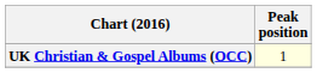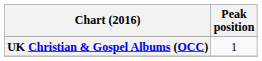 <table class="wikitable sortable plainrowheaders" style="text-align:center">
 <tr>
 <th scope="col">Chart (2016)</th>
 <th scope="col">Peak<br>position</th>
 </tr>
 <tr>
 </tr>
 <tr>
 </tr>
 <tr>
 </tr>
 <tr>
 </tr>
 <tr>
 </tr>
 <tr>
 </tr>
 <tr>
 </tr>
 <tr>
 </tr>
 <tr>
 <th scope="row">UK <a href='#'>Christian & Gospel Albums</a> (<a href='#'>OCC</a>)</th>
-<td style="background: lightyellow;">1</td>
+<td>1</td>
 </tr>
 <tr>
 </tr>
 <tr>
 </tr>
 <tr>
 </tr>
 <tr>
 </tr>
 </table>
